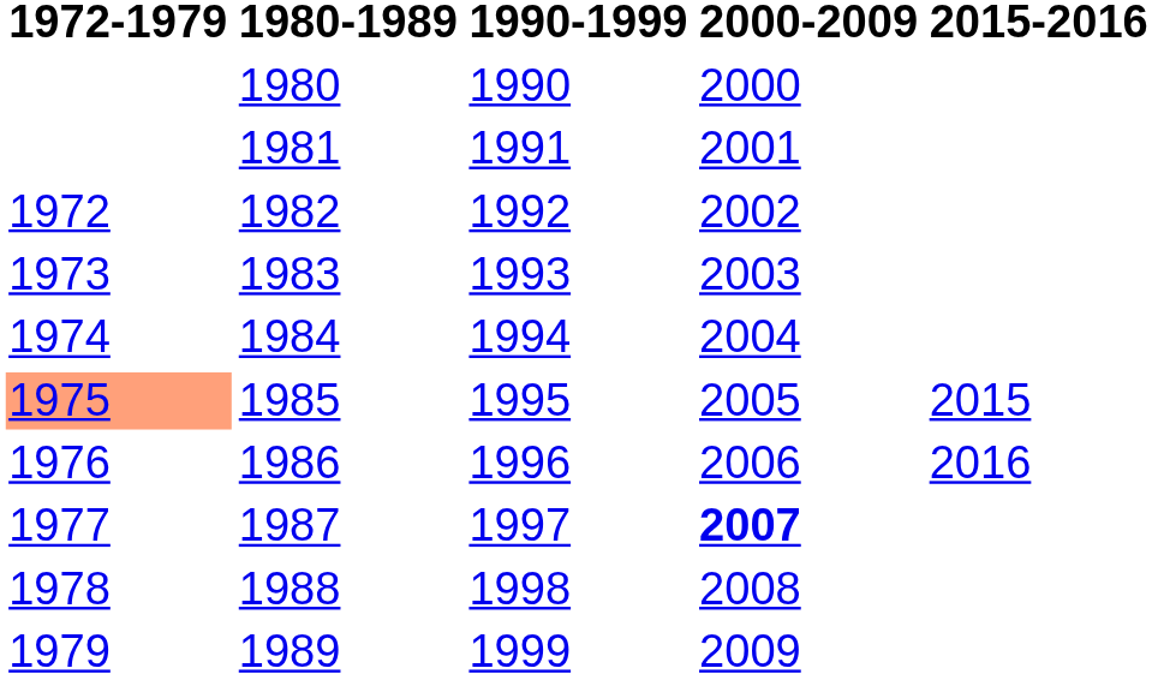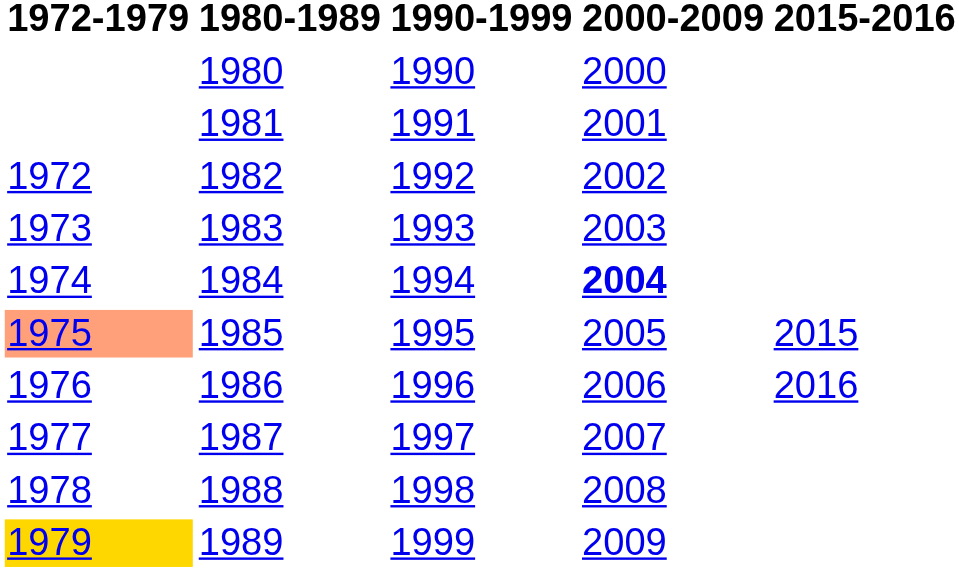 <table id=toc>
 <tr>
 <th>1972-1979</th>
 <th>1980-1989</th>
 <th>1990-1999</th>
 <th>2000-2009</th>
 <th>2015-2016</th>
 </tr>
 <tr>
 <td></td>
 <td><a href='#'>1980</a></td>
 <td><a href='#'>1990</a></td>
 <td><a href='#'>2000</a></td>
 </tr>
 <tr>
 <td></td>
 <td><a href='#'>1981</a></td>
 <td><a href='#'>1991</a></td>
 <td><a href='#'>2001</a></td>
 </tr>
 <tr>
 <td><a href='#'>1972</a></td>
 <td><a href='#'>1982</a></td>
 <td><a href='#'>1992</a></td>
 <td><a href='#'>2002</a></td>
 </tr>
 <tr>
 <td><a href='#'>1973</a></td>
 <td><a href='#'>1983</a></td>
 <td><a href='#'>1993</a></td>
 <td><a href='#'>2003</a></td>
 </tr>
 <tr>
 <td><a href='#'>1974</a></td>
 <td><a href='#'>1984</a></td>
 <td><a href='#'>1994</a></td>
-<td><a href='#'>2004</a></td>
+<td><strong><a href='#'>2004</a></strong></td>
 </tr>
 <tr>
 <td style="background: lightsalmon;"><a href='#'>1975</a></td>
 <td><a href='#'>1985</a></td>
 <td><a href='#'>1995</a></td>
 <td><a href='#'>2005</a></td>
 <td><a href='#'>2015</a></td>
 </tr>
 <tr>
 <td><a href='#'>1976</a></td>
 <td><a href='#'>1986</a></td>
 <td><a href='#'>1996</a></td>
 <td><a href='#'>2006</a></td>
 <td><a href='#'>2016</a></td>
 </tr>
 <tr>
 <td><a href='#'>1977</a></td>
 <td><a href='#'>1987</a></td>
 <td><a href='#'>1997</a></td>
-<td><strong><a href='#'>2007</a></strong></td>
+<td><a href='#'>2007</a></td>
 </tr>
 <tr>
 <td><a href='#'>1978</a></td>
 <td><a href='#'>1988</a></td>
 <td><a href='#'>1998</a></td>
 <td><a href='#'>2008</a></td>
 </tr>
 <tr>
-<td><a href='#'>1979</a></td>
+<td style="background: gold;"><a href='#'>1979</a></td>
 <td><a href='#'>1989</a></td>
 <td><a href='#'>1999</a></td>
 <td><a href='#'>2009</a></td>
 </tr>
 </table>
